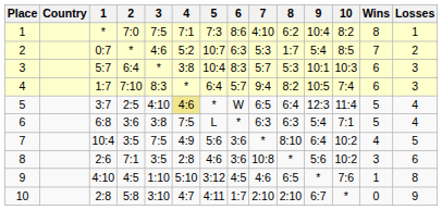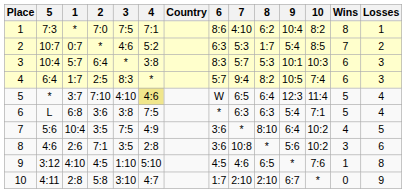 <table class=wikitable style="text-align: center;">
 <tr>
 <th>Place</th>
-<th>Country</th>
+<th width=20>5</th>
 <th width=20>1</th>
 <th width=20>2</th>
 <th width=20>3</th>
 <th width=20>4</th>
-<th width=20>5</th>
+<th>Country</th>
 <th width=20>6</th>
 <th width=20>7</th>
 <th width=20>8</th>
 <th width=20>9</th>
 <th width=20>10</th>
 <th width=20>Wins</th>
 <th width=20>Losses</th>
 </tr>
 <tr bgcolor=#ffc>
 <td>1</td>
-<td align="left"></td>
+<td>7:3</td>
 <td>*</td>
 <td>7:0</td>
 <td>7:5</td>
 <td>7:1</td>
-<td>7:3</td>
+<td align="left"></td>
 <td>8:6</td>
 <td>4:10</td>
 <td>6:2</td>
 <td>10:4</td>
 <td>8:2</td>
 <td>8</td>
 <td>1</td>
 </tr>
 <tr bgcolor=#ffc>
 <td>2</td>
-<td align="left"></td>
+<td>10:7</td>
 <td>0:7</td>
 <td>*</td>
 <td>4:6</td>
 <td>5:2</td>
-<td>10:7</td>
+<td align="left"></td>
 <td>6:3</td>
 <td>5:3</td>
 <td>1:7</td>
 <td>5:4</td>
 <td>8:5</td>
 <td>7</td>
 <td>2</td>
 </tr>
 <tr bgcolor=#ffc>
 <td>3</td>
-<td align="left"></td>
+<td>10:4</td>
 <td>5:7</td>
 <td>6:4</td>
 <td>*</td>
 <td>3:8</td>
-<td>10:4</td>
+<td align="left"></td>
 <td>8:3</td>
 <td>5:7</td>
 <td>5:3</td>
 <td>10:1</td>
 <td>10:3</td>
 <td>6</td>
 <td>3</td>
 </tr>
 <tr bgcolor=#ffc>
 <td>4</td>
-<td align="left"></td>
+<td>6:4</td>
 <td>1:7</td>
-<td>7:10</td>
+<td>2:5</td>
 <td>8:3</td>
 <td>*</td>
-<td>6:4</td>
+<td align="left"></td>
 <td>5:7</td>
 <td>9:4</td>
 <td>8:2</td>
 <td>10:5</td>
 <td>7:4</td>
 <td>6</td>
 <td>3</td>
 </tr>
 <tr>
 <td>5</td>
-<td align="left"></td>
+<td>*</td>
 <td>3:7</td>
-<td>2:5</td>
+<td>7:10</td>
 <td>4:10</td>
 <td style="background: khaki;">4:6</td>
-<td>*</td>
+<td align="left"></td>
 <td>W</td>
 <td>6:5</td>
 <td>6:4</td>
 <td>12:3</td>
 <td>11:4</td>
 <td>5</td>
 <td>4</td>
 </tr>
 <tr>
 <td>6</td>
-<td align="left"></td>
+<td>L</td>
 <td>6:8</td>
 <td>3:6</td>
 <td>3:8</td>
 <td>7:5</td>
-<td>L</td>
+<td align="left"></td>
 <td>*</td>
 <td>6:3</td>
 <td>6:3</td>
 <td>5:4</td>
 <td>7:1</td>
 <td>5</td>
 <td>4</td>
 </tr>
 <tr>
 <td>7</td>
-<td align="left"></td>
+<td>5:6</td>
 <td>10:4</td>
 <td>3:5</td>
 <td>7:5</td>
 <td>4:9</td>
-<td>5:6</td>
+<td align="left"></td>
 <td>3:6</td>
 <td>*</td>
 <td>8:10</td>
 <td>6:4</td>
 <td>10:2</td>
 <td>4</td>
 <td>5</td>
 </tr>
 <tr>
 <td>8</td>
-<td align="left"></td>
+<td>4:6</td>
 <td>2:6</td>
 <td>7:1</td>
 <td>3:5</td>
 <td>2:8</td>
-<td>4:6</td>
+<td align="left"></td>
 <td>3:6</td>
 <td>10:8</td>
 <td>*</td>
 <td>5:6</td>
 <td>10:2</td>
 <td>3</td>
 <td>6</td>
 </tr>
 <tr>
 <td>9</td>
-<td align="left"></td>
+<td>3:12</td>
 <td>4:10</td>
 <td>4:5</td>
 <td>1:10</td>
 <td>5:10</td>
-<td>3:12</td>
+<td align="left"></td>
 <td>4:5</td>
 <td>4:6</td>
 <td>6:5</td>
 <td>*</td>
 <td>7:6</td>
 <td>1</td>
 <td>8</td>
 </tr>
 <tr>
 <td>10</td>
-<td align="left"></td>
+<td>4:11</td>
 <td>2:8</td>
 <td>5:8</td>
 <td>3:10</td>
 <td>4:7</td>
-<td>4:11</td>
+<td align="left"></td>
 <td>1:7</td>
 <td>2:10</td>
 <td>2:10</td>
 <td>6:7</td>
 <td>*</td>
 <td>0</td>
 <td>9</td>
 </tr>
 </table>
